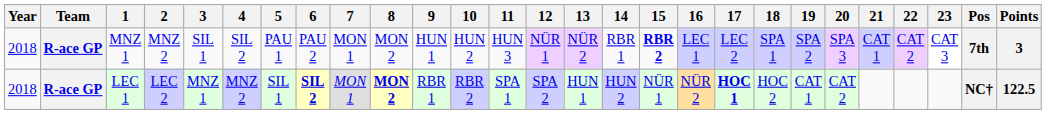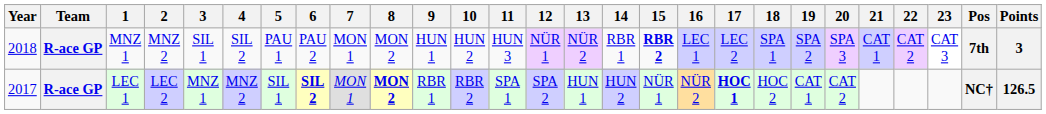 <table class="wikitable" style="text-align:center; font-size:85%">
 <tr>
 <th>Year</th>
 <th>Team</th>
 <th>1</th>
 <th>2</th>
 <th>3</th>
 <th>4</th>
 <th>5</th>
 <th>6</th>
 <th>7</th>
 <th>8</th>
 <th>9</th>
 <th>10</th>
 <th>11</th>
 <th>12</th>
 <th>13</th>
 <th>14</th>
 <th>15</th>
 <th>16</th>
 <th>17</th>
 <th>18</th>
 <th>19</th>
 <th>20</th>
 <th>21</th>
 <th>22</th>
 <th>23</th>
 <th>Pos</th>
 <th>Points</th>
 </tr>
 <tr>
 <td><a href='#'>2018</a></td>
 <th nowrap><a href='#'>R-ace GP</a></th>
 <td style="background:#;"><a href='#'>MNZ<br>1</a></td>
 <td style="background:#;"><a href='#'>MNZ<br>2</a></td>
 <td style="background:#;"><a href='#'>SIL<br>1</a></td>
 <td style="background:#;"><a href='#'>SIL<br>2</a></td>
 <td style="background:#;"><a href='#'>PAU<br>1</a></td>
 <td style="background:#;"><a href='#'>PAU<br>2</a></td>
 <td style="background:#;"><a href='#'>MON<br>1</a></td>
 <td style="background:#;"><a href='#'>MON<br>2</a></td>
 <td style="background:#;"><a href='#'>HUN<br>1</a></td>
 <td style="background:#;"><a href='#'>HUN<br>2</a></td>
 <td style="background:#;"><a href='#'>HUN<br>3</a></td>
 <td style="background:#EFCFFF;"><a href='#'>NÜR<br>1</a><br></td>
 <td style="background:#EFCFFF;"><a href='#'>NÜR<br>2</a><br></td>
 <td style="background:#;"><a href='#'>RBR<br>1</a></td>
 <td style="background:#;"><strong><a href='#'>RBR<br>2</a></strong></td>
 <td style="background:#CFCFFF;"><a href='#'>LEC<br>1</a><br></td>
 <td style="background:#CFCFFF;"><a href='#'>LEC<br>2</a><br></td>
 <td style="background:#CFCFFF;"><a href='#'>SPA<br>1</a><br></td>
 <td style="background:#CFCFFF;"><a href='#'>SPA<br>2</a><br></td>
 <td style="background:#EFCFFF;"><a href='#'>SPA<br>3</a><br></td>
 <td style="background:#CFCFFF;"><a href='#'>CAT<br>1</a><br></td>
 <td style="background:#EFCFFF;"><a href='#'>CAT<br>2</a><br></td>
 <td style="background:#FFFFFF;"><a href='#'>CAT<br>3</a><br></td>
 <th>7th</th>
 <th>3</th>
 </tr>
 <tr>
-<td><a href='#'>2018</a></td>
+<td><a href='#'>2017</a></td>
 <th nowrap><a href='#'>R-ace GP</a></th>
 <td style="background:#DFFFDF;"><a href='#'>LEC<br>1</a><br></td>
 <td style="background:#CFCFFF;"><a href='#'>LEC<br>2</a><br></td>
 <td style="background:#DFFFDF;"><a href='#'>MNZ<br>1</a><br></td>
 <td style="background:#CFCFFF;"><a href='#'>MNZ<br>2</a><br></td>
 <td style="background:#DFFFDF;"><a href='#'>SIL<br>1</a><br></td>
 <td style="background:#FFFFBF;"><strong><a href='#'>SIL<br>2</a></strong><br></td>
 <td style="background:#DFDFDF;"><em><a href='#'>MON<br>1</a></em><br></td>
 <td style="background:#FFFFBF;"><strong><a href='#'>MON<br>2</a></strong><br></td>
 <td style="background:#DFFFDF;"><a href='#'>RBR<br>1</a><br></td>
 <td style="background:#CFCFFF;"><a href='#'>RBR<br>2</a><br></td>
 <td style="background:#DFFFDF;"><a href='#'>SPA<br>1</a><br></td>
 <td style="background:#CFCFFF;"><a href='#'>SPA<br>2</a><br></td>
 <td style="background:#DFFFDF;"><a href='#'>HUN<br>1</a><br></td>
 <td style="background:#CFCFFF;"><a href='#'>HUN<br>2</a><br></td>
 <td style="background:#DFFFDF;"><a href='#'>NÜR<br>1</a><br></td>
 <td style="background:#FFDF9F;"><a href='#'>NÜR<br>2</a><br></td>
 <td style="background:#DFFFDF;"><strong><a href='#'>HOC<br>1</a><br></strong></td>
 <td style="background:#DFFFDF;"><a href='#'>HOC<br>2</a><br></td>
 <td style="background:#DFFFDF;"><a href='#'>CAT<br>1</a><br></td>
 <td style="background:#DFFFDF;"><a href='#'>CAT<br>2</a><br></td>
 <td></td>
 <td></td>
 <td></td>
 <th>NC†</th>
-<th>122.5</th>
+<th>126.5</th>
 </tr>
 </table>
